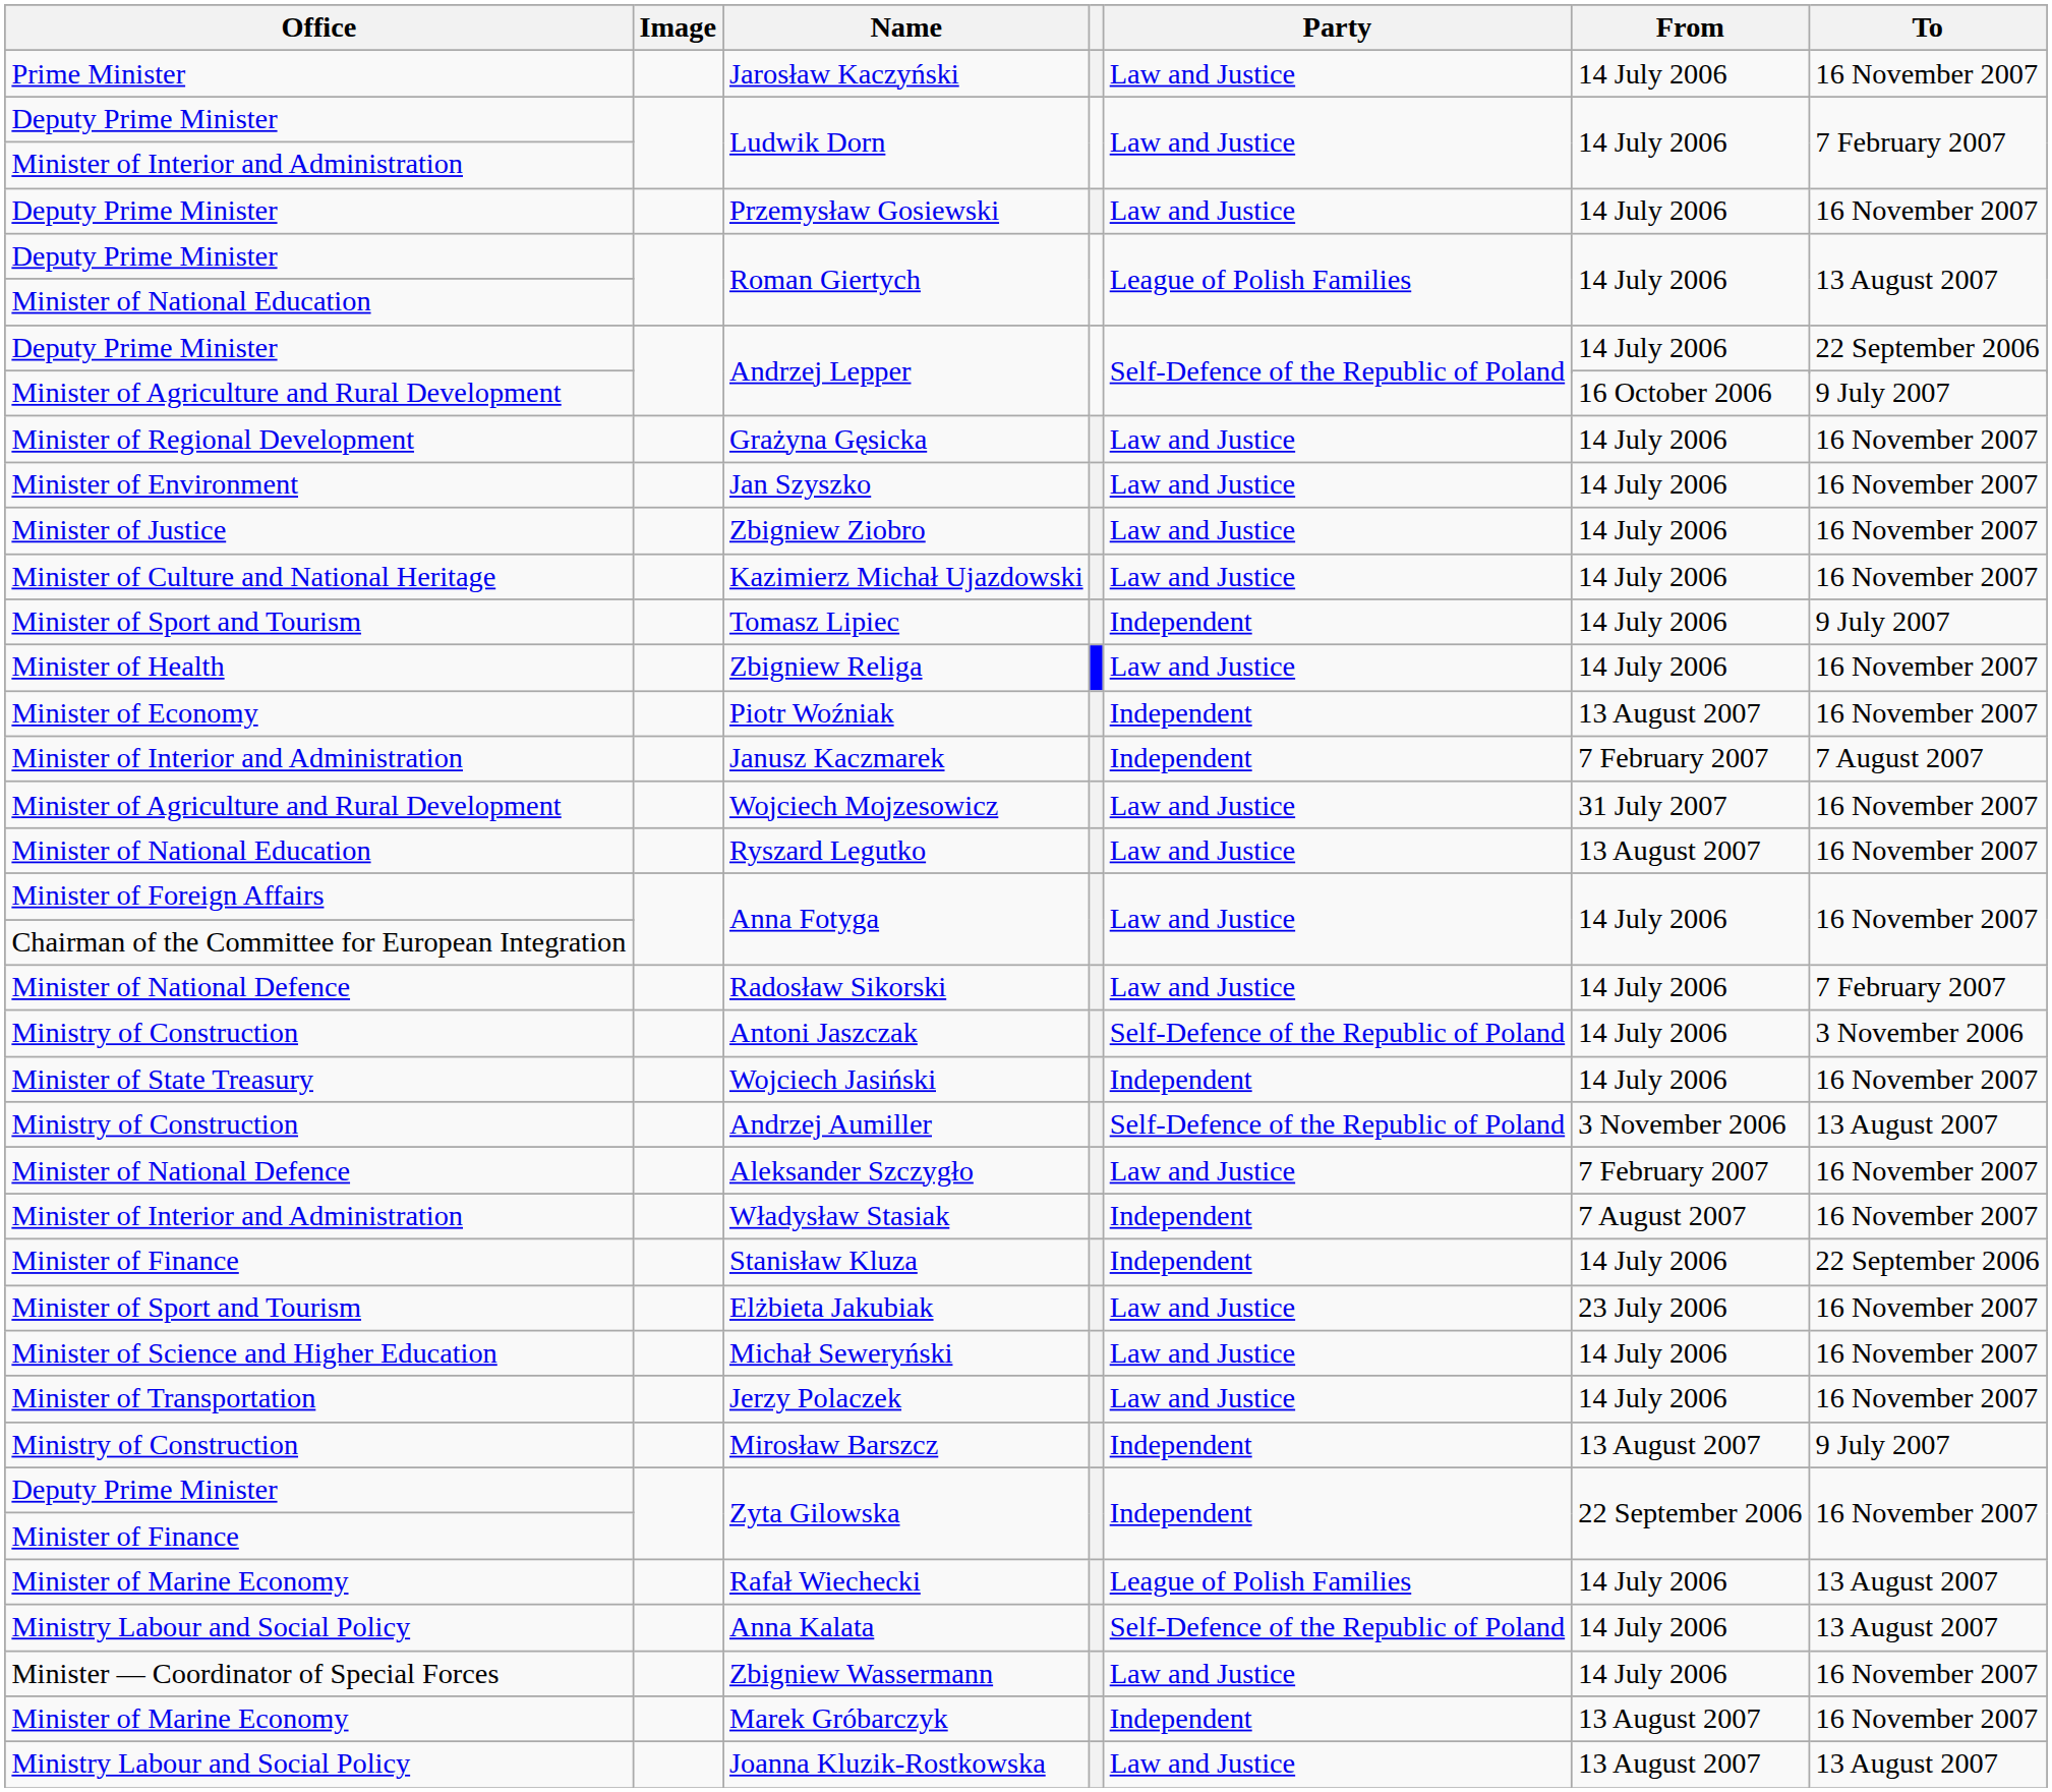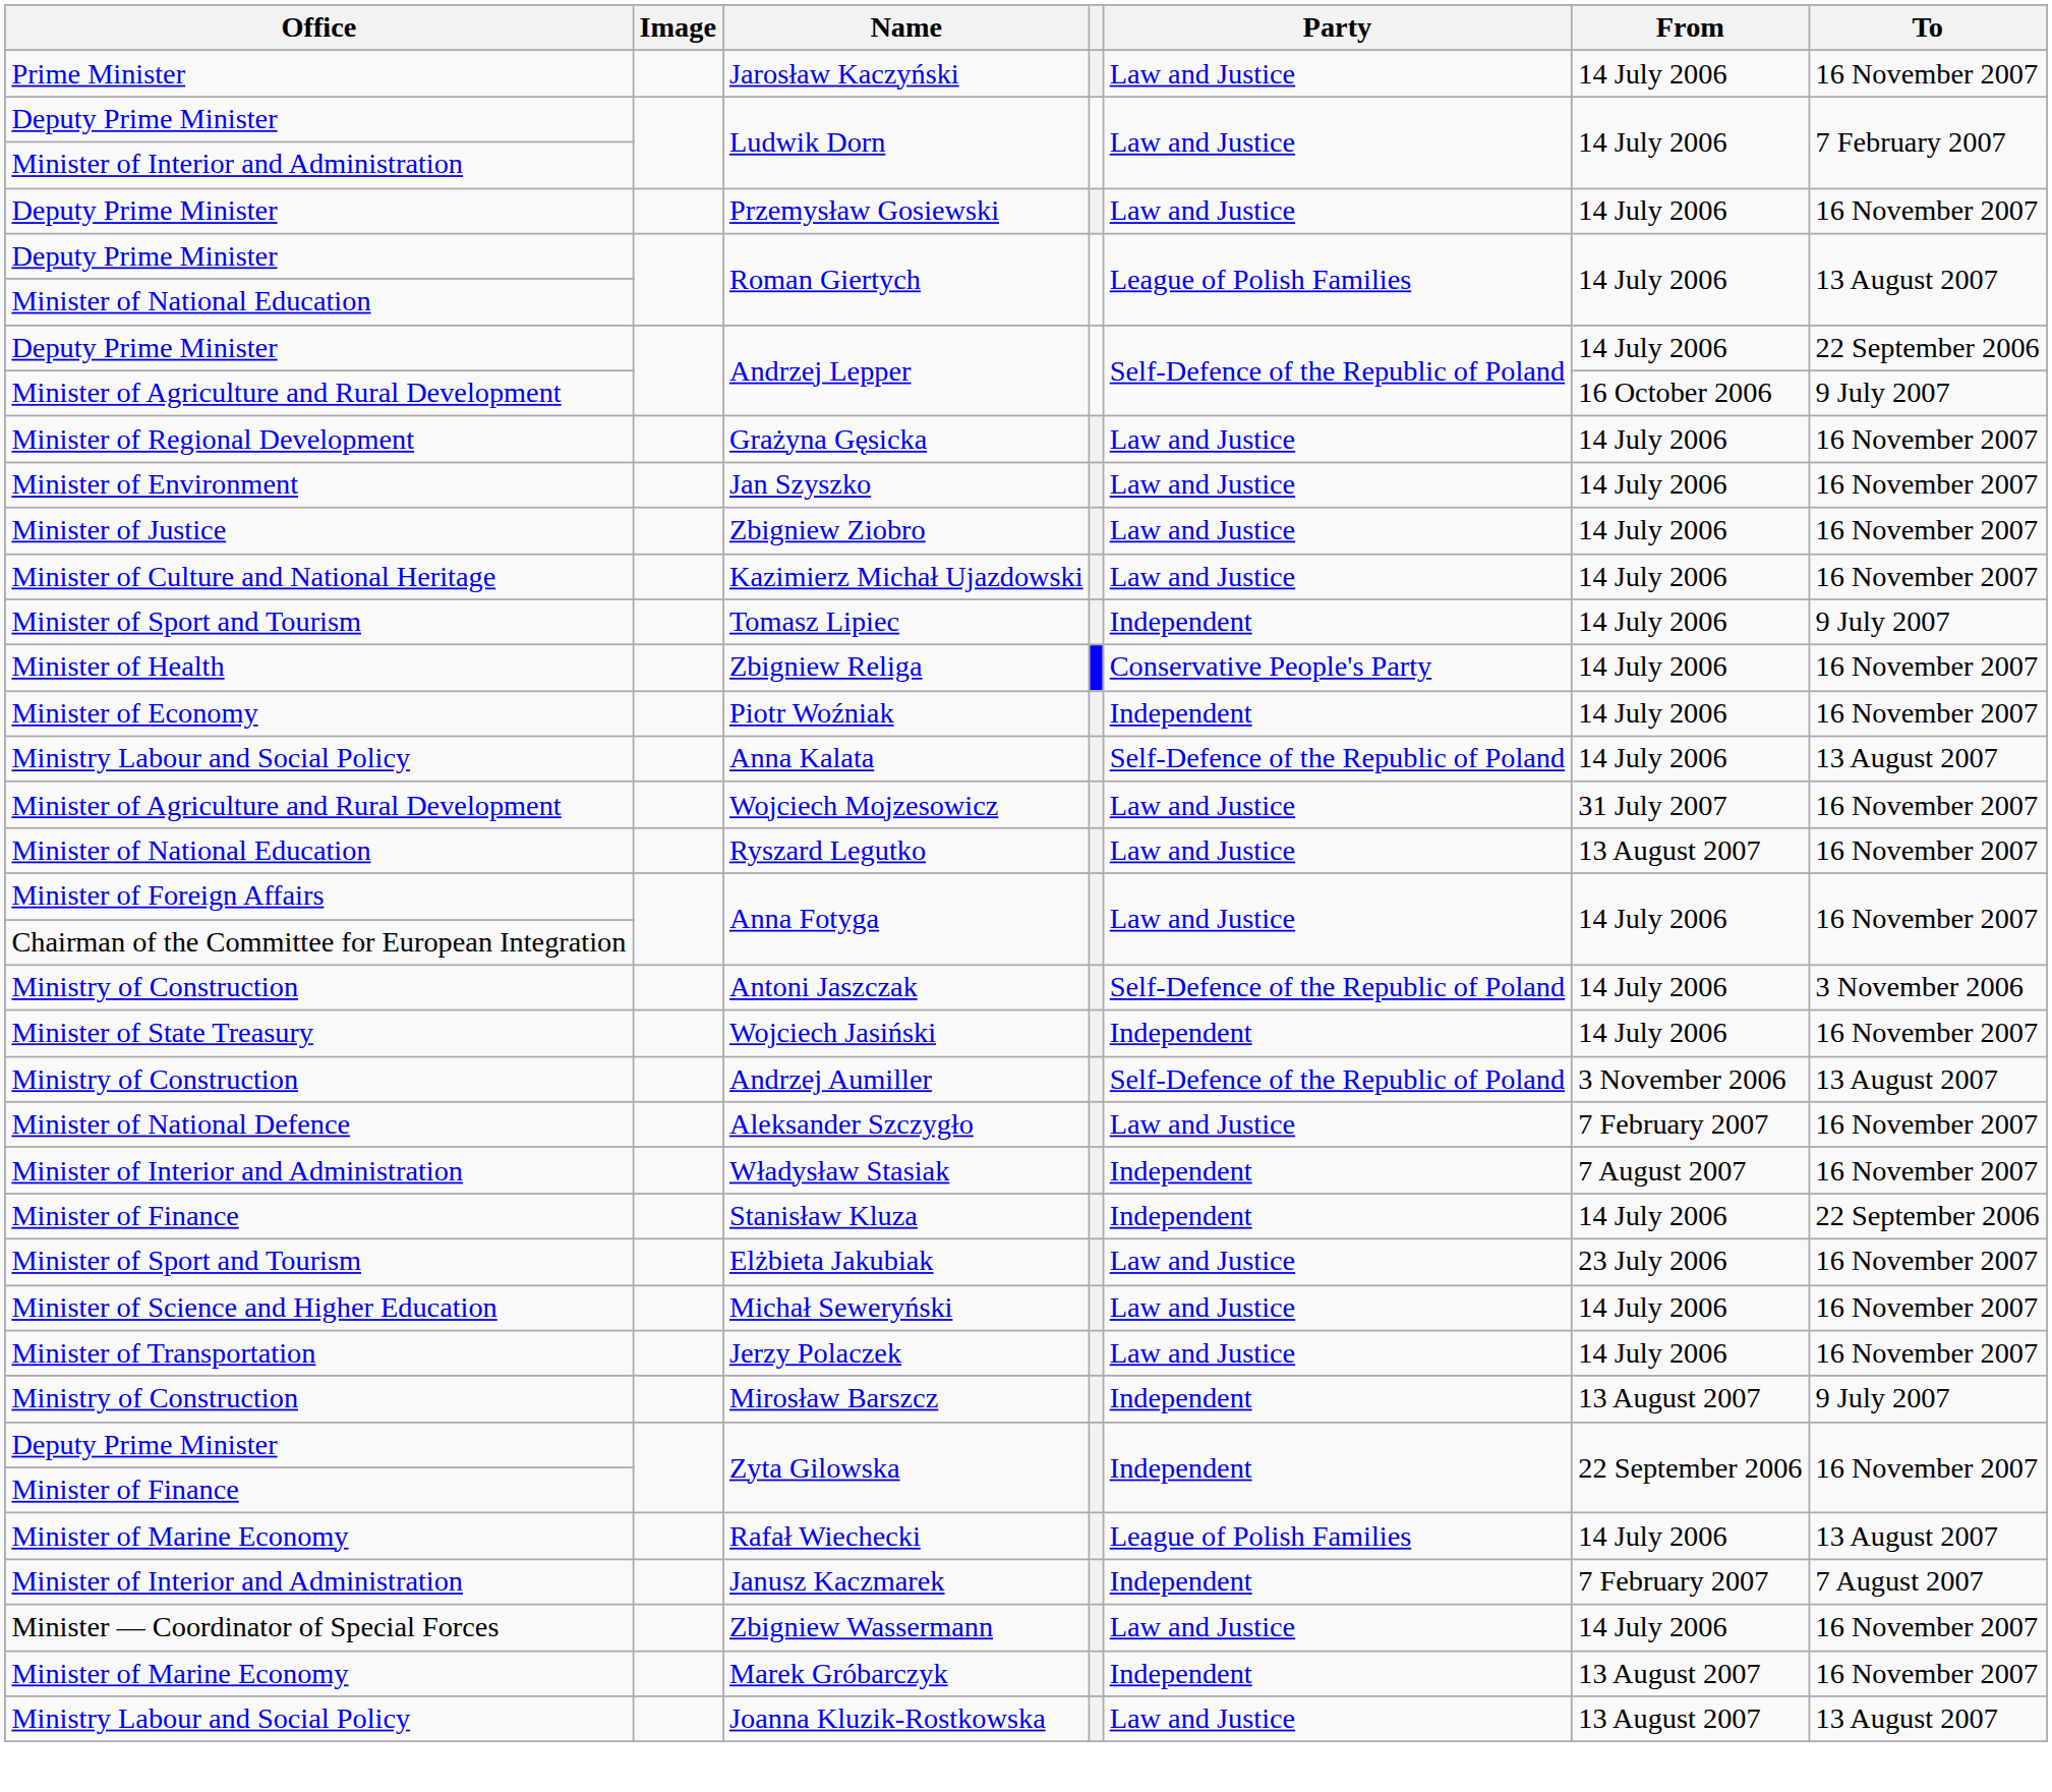 <table class="wikitable">
 <tr>
 <th>Office</th>
 <th>Image</th>
 <th>Name</th>
 <th></th>
 <th>Party</th>
 <th>From</th>
 <th>To</th>
 </tr>
 <tr>
 <td><a href='#'>Prime Minister</a></td>
 <td></td>
 <td><a href='#'>Jarosław Kaczyński</a></td>
 <th style="background:"></th>
 <td><a href='#'>Law and Justice</a></td>
 <td>14 July 2006</td>
 <td>16 November 2007</td>
 </tr>
 <tr>
 <td><a href='#'>Deputy Prime Minister</a></td>
 <td rowspan="2"></td>
 <td rowspan="2"><a href='#'>Ludwik Dorn</a></td>
 <td rowspan="2" style="background:"></td>
 <td rowspan="2"><a href='#'>Law and Justice</a></td>
 <td rowspan="2">14 July 2006</td>
 <td rowspan="2">7 February 2007</td>
 </tr>
 <tr>
 <td><a href='#'>Minister of Interior and Administration</a></td>
 </tr>
 <tr>
 <td><a href='#'>Deputy Prime Minister</a></td>
 <td></td>
 <td><a href='#'>Przemysław Gosiewski</a></td>
 <th style="background:"></th>
 <td><a href='#'>Law and Justice</a></td>
 <td>14 July 2006</td>
 <td>16 November 2007</td>
 </tr>
 <tr>
 <td><a href='#'>Deputy Prime Minister</a></td>
 <td rowspan="2"></td>
 <td rowspan="2"><a href='#'>Roman Giertych</a></td>
 <td rowspan="2" style="background:"></td>
 <td rowspan="2"><a href='#'>League of Polish Families</a></td>
 <td rowspan="2">14 July 2006</td>
 <td rowspan="2">13 August 2007</td>
 </tr>
 <tr>
 <td><a href='#'>Minister of National Education</a></td>
 </tr>
 <tr>
 <td><a href='#'>Deputy Prime Minister</a></td>
 <td rowspan="3"></td>
 <td rowspan="3"><a href='#'>Andrzej Lepper</a></td>
 <td rowspan="3" ! style="background:"></td>
 <td rowspan="3"><a href='#'>Self-Defence of the Republic of Poland</a></td>
 <td rowspan="2">14 July 2006</td>
 <td rowspan="2">22 September 2006</td>
 </tr>
 <tr>
 <td rowspan="2"><a href='#'>Minister of Agriculture and Rural Development</a></td>
 </tr>
 <tr>
 <td>16 October 2006</td>
 <td>9 July 2007</td>
 </tr>
 <tr>
 <td><a href='#'>Minister of Regional Development</a></td>
 <td></td>
 <td><a href='#'>Grażyna Gęsicka</a></td>
 <th style="background:"></th>
 <td><a href='#'>Law and Justice</a></td>
 <td>14 July 2006</td>
 <td>16 November 2007</td>
 </tr>
 <tr>
 <td><a href='#'>Minister of Environment</a></td>
 <td></td>
 <td><a href='#'>Jan Szyszko</a></td>
 <th style="background:"></th>
 <td><a href='#'>Law and Justice</a></td>
 <td>14 July 2006</td>
 <td>16 November 2007</td>
 </tr>
 <tr>
 <td><a href='#'>Minister of Justice</a></td>
 <td></td>
 <td><a href='#'>Zbigniew Ziobro</a></td>
 <th style="background:"></th>
 <td><a href='#'>Law and Justice</a></td>
 <td>14 July 2006</td>
 <td>16 November 2007</td>
 </tr>
 <tr>
 <td><a href='#'>Minister of Culture and National Heritage</a></td>
 <td></td>
 <td><a href='#'>Kazimierz Michał Ujazdowski</a></td>
 <th style="background:"></th>
 <td><a href='#'>Law and Justice</a></td>
 <td>14 July 2006</td>
 <td>16 November 2007</td>
 </tr>
 <tr>
 <td><a href='#'>Minister of Sport and Tourism</a></td>
 <td></td>
 <td><a href='#'>Tomasz Lipiec</a></td>
 <th style="background:"></th>
 <td><a href='#'>Independent</a></td>
 <td>14 July 2006</td>
 <td>9 July 2007</td>
 </tr>
 <tr>
 <td><a href='#'>Minister of Health</a></td>
 <td></td>
 <td><a href='#'>Zbigniew Religa</a></td>
 <th style="background:blue;"></th>
-<td><a href='#'>Law and Justice</a></td>
+<td><a href='#'>Conservative People's Party</a></td>
 <td>14 July 2006</td>
 <td>16 November 2007</td>
 </tr>
 <tr>
 <td><a href='#'>Minister of Economy</a></td>
 <td></td>
 <td><a href='#'>Piotr Woźniak</a></td>
 <th style="background:"></th>
 <td><a href='#'>Independent</a></td>
-<td>13 August 2007</td>
+<td>14 July 2006</td>
 <td>16 November 2007</td>
 </tr>
 <tr>
-<td><a href='#'>Minister of Interior and Administration</a></td>
+<td><a href='#'>Ministry Labour and Social Policy</a></td>
 <td></td>
-<td><a href='#'>Janusz Kaczmarek</a></td>
+<td><a href='#'>Anna Kalata</a></td>
 <th style="background:"></th>
-<td><a href='#'>Independent</a></td>
-<td>7 February 2007</td>
-<td>7 August 2007</td>
+<td><a href='#'>Self-Defence of the Republic of Poland</a></td>
+<td>14 July 2006</td>
+<td>13 August 2007</td>
 </tr>
 <tr>
 <td><a href='#'>Minister of Agriculture and Rural Development</a></td>
 <td></td>
 <td><a href='#'>Wojciech Mojzesowicz</a></td>
 <th style="background:"></th>
 <td><a href='#'>Law and Justice</a></td>
 <td>31 July 2007</td>
 <td>16 November 2007</td>
 </tr>
 <tr>
 <td><a href='#'>Minister of National Education</a></td>
 <td></td>
 <td><a href='#'>Ryszard Legutko</a></td>
 <th style="background:"></th>
 <td><a href='#'>Law and Justice</a></td>
 <td>13 August 2007</td>
 <td>16 November 2007</td>
 </tr>
 <tr>
 <td><a href='#'>Minister of Foreign Affairs</a></td>
 <td rowspan="2"></td>
 <td rowspan="2"><a href='#'>Anna Fotyga</a></td>
 <th rowspan="2" style="background:"></th>
 <td rowspan="2"><a href='#'>Law and Justice</a></td>
 <td rowspan="2">14 July 2006</td>
 <td rowspan="2">16 November 2007</td>
 </tr>
 <tr>
 <td>Chairman of the Committee for European Integration</td>
-</tr>
-<tr>
-<td><a href='#'>Minister of National Defence</a></td>
-<td></td>
-<td><a href='#'>Radosław Sikorski</a></td>
-<th style="background:"></th>
-<td><a href='#'>Law and Justice</a></td>
-<td>14 July 2006</td>
-<td>7 February 2007</td>
 </tr>
 <tr>
 <td><a href='#'>Ministry of Construction</a></td>
 <td></td>
 <td><a href='#'>Antoni Jaszczak</a></td>
 <th style="background:"></th>
 <td><a href='#'>Self-Defence of the Republic of Poland</a></td>
 <td>14 July 2006</td>
 <td>3 November 2006</td>
 </tr>
 <tr>
 <td><a href='#'>Minister of State Treasury</a></td>
 <td></td>
 <td><a href='#'>Wojciech Jasiński</a></td>
 <th style="background:"></th>
 <td><a href='#'>Independent</a></td>
 <td>14 July 2006</td>
 <td>16 November 2007</td>
 </tr>
 <tr>
 <td><a href='#'>Ministry of Construction</a></td>
 <td></td>
 <td><a href='#'>Andrzej Aumiller</a></td>
 <th style="background:"></th>
 <td><a href='#'>Self-Defence of the Republic of Poland</a></td>
 <td>3 November 2006</td>
 <td>13 August 2007</td>
 </tr>
 <tr>
 <td><a href='#'>Minister of National Defence</a></td>
 <td></td>
 <td><a href='#'>Aleksander Szczygło</a></td>
 <th style="background:"></th>
 <td><a href='#'>Law and Justice</a></td>
 <td>7 February 2007</td>
 <td>16 November 2007</td>
 </tr>
 <tr>
 <td><a href='#'>Minister of Interior and Administration</a></td>
 <td></td>
 <td><a href='#'>Władysław Stasiak</a></td>
 <th style="background:"></th>
 <td><a href='#'>Independent</a></td>
 <td>7 August 2007</td>
 <td>16 November 2007</td>
 </tr>
 <tr>
 <td><a href='#'>Minister of Finance</a></td>
 <td></td>
 <td><a href='#'>Stanisław Kluza</a></td>
 <th style="background:"></th>
 <td><a href='#'>Independent</a></td>
 <td>14 July 2006</td>
 <td>22 September 2006</td>
 </tr>
 <tr>
 <td><a href='#'>Minister of Sport and Tourism</a></td>
 <td></td>
 <td><a href='#'>Elżbieta Jakubiak</a></td>
 <th style="background:"></th>
 <td><a href='#'>Law and Justice</a></td>
 <td>23 July 2006</td>
 <td>16 November 2007</td>
 </tr>
 <tr>
 <td><a href='#'>Minister of Science and Higher Education</a></td>
 <td></td>
 <td><a href='#'>Michał Seweryński</a></td>
 <th style="background:"></th>
 <td><a href='#'>Law and Justice</a></td>
 <td>14 July 2006</td>
 <td>16 November 2007</td>
 </tr>
 <tr>
 <td><a href='#'>Minister of Transportation</a></td>
 <td></td>
 <td><a href='#'>Jerzy Polaczek</a></td>
 <th style="background:"></th>
 <td><a href='#'>Law and Justice</a></td>
 <td>14 July 2006</td>
 <td>16 November 2007</td>
 </tr>
 <tr>
 <td><a href='#'>Ministry of Construction</a></td>
 <td></td>
 <td><a href='#'>Mirosław Barszcz</a></td>
 <th style="background:"></th>
 <td><a href='#'>Independent</a></td>
 <td>13 August 2007</td>
 <td>9 July 2007</td>
 </tr>
 <tr>
 <td><a href='#'>Deputy Prime Minister</a></td>
 <td rowspan="2"></td>
 <td rowspan="2"><a href='#'>Zyta Gilowska</a></td>
 <th rowspan="2" style="background:"></th>
 <td rowspan="2"><a href='#'>Independent</a></td>
 <td rowspan="2">22 September 2006</td>
 <td rowspan="2">16 November 2007</td>
 </tr>
 <tr>
 <td><a href='#'>Minister of Finance</a></td>
 </tr>
 <tr>
 <td><a href='#'>Minister of Marine Economy</a></td>
 <td></td>
 <td><a href='#'>Rafał Wiechecki</a></td>
 <th style="background:"></th>
 <td><a href='#'>League of Polish Families</a></td>
 <td>14 July 2006</td>
 <td>13 August 2007</td>
 </tr>
 <tr>
-<td><a href='#'>Ministry Labour and Social Policy</a></td>
+<td><a href='#'>Minister of Interior and Administration</a></td>
 <td></td>
-<td><a href='#'>Anna Kalata</a></td>
+<td><a href='#'>Janusz Kaczmarek</a></td>
 <th style="background:"></th>
-<td><a href='#'>Self-Defence of the Republic of Poland</a></td>
-<td>14 July 2006</td>
-<td>13 August 2007</td>
+<td><a href='#'>Independent</a></td>
+<td>7 February 2007</td>
+<td>7 August 2007</td>
 </tr>
 <tr>
 <td>Minister — Coordinator of Special Forces</td>
 <td></td>
 <td><a href='#'>Zbigniew Wassermann</a></td>
 <th style="background:"></th>
 <td><a href='#'>Law and Justice</a></td>
 <td>14 July 2006</td>
 <td>16 November 2007</td>
 </tr>
 <tr>
 <td><a href='#'>Minister of Marine Economy</a></td>
 <td></td>
 <td><a href='#'>Marek Gróbarczyk</a></td>
 <th style="background:"></th>
 <td><a href='#'>Independent</a></td>
 <td>13 August 2007</td>
 <td>16 November 2007</td>
 </tr>
 <tr>
 <td><a href='#'>Ministry Labour and Social Policy</a></td>
 <td></td>
 <td><a href='#'>Joanna Kluzik-Rostkowska</a></td>
 <th style="background:"></th>
 <td><a href='#'>Law and Justice</a></td>
 <td>13 August 2007</td>
 <td>13 August 2007</td>
 </tr>
 </table>
